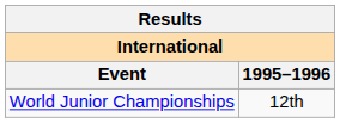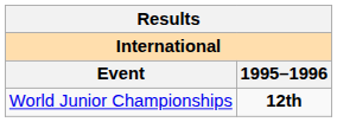 <table class="wikitable" style="text-align:center">
 <tr>
 <th colspan=2 align=center><strong>Results</strong></th>
 </tr>
 <tr>
 <th style="background-color: #ffdead; " colspan=2 align=center><strong>International</strong></th>
 </tr>
 <tr>
 <th>Event</th>
 <th>1995–1996</th>
 </tr>
 <tr>
 <td align=left><a href='#'>World Junior Championships</a></td>
-<td>12th</td>
+<td><strong>12th</strong></td>
 </tr>
 </table>
